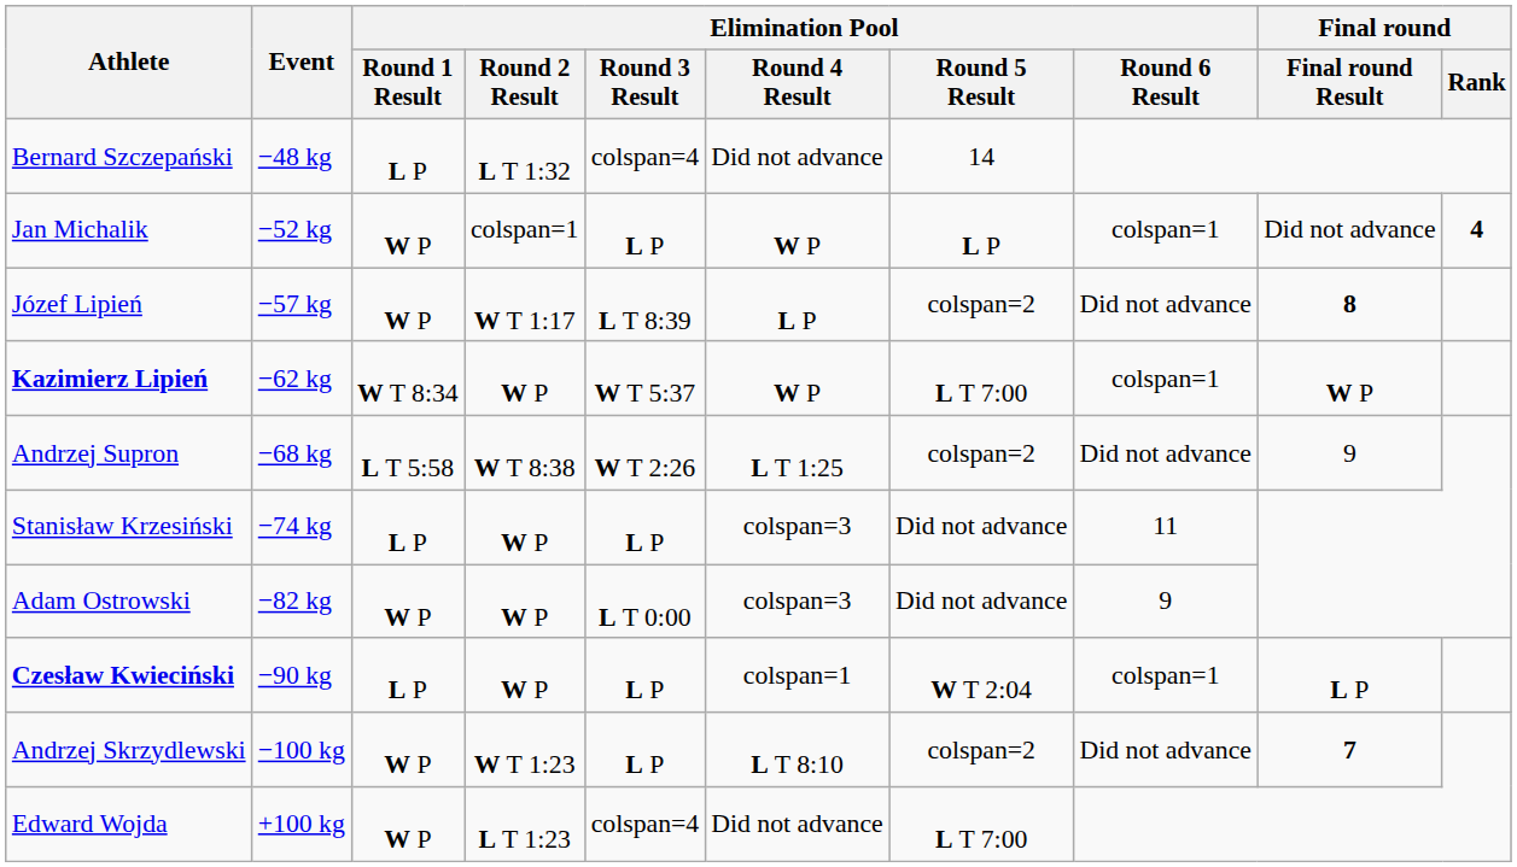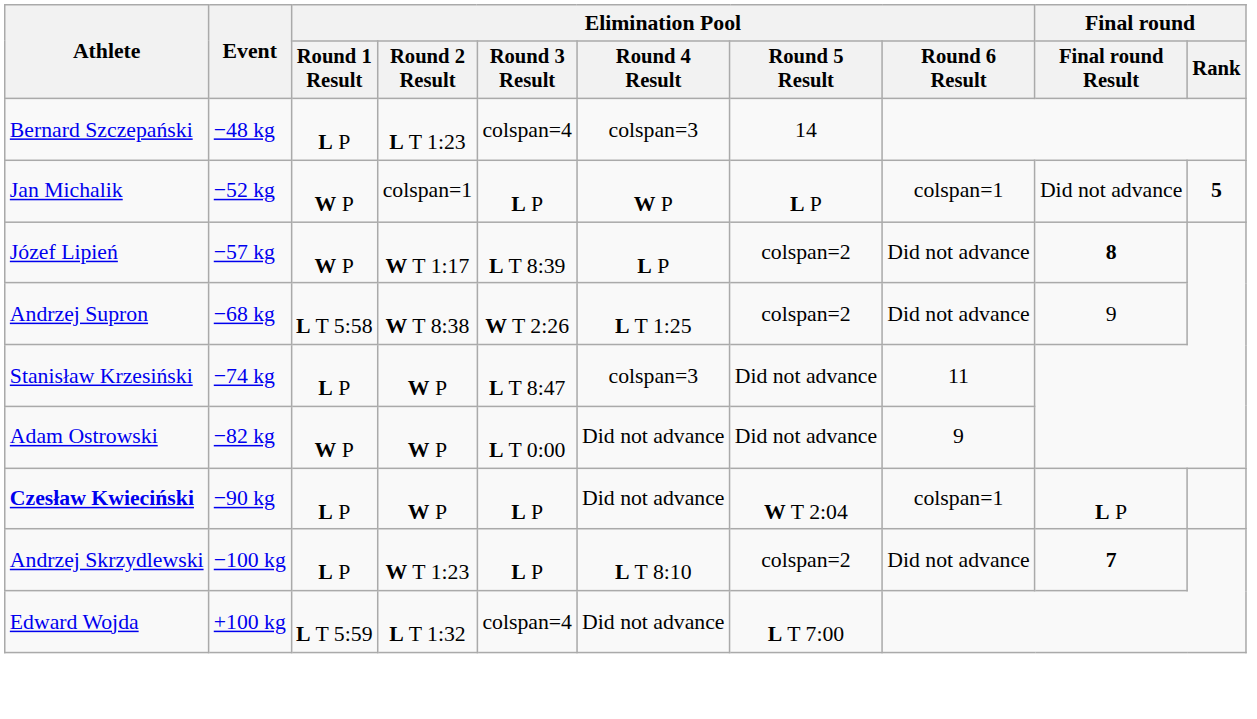 <table class="wikitable" style="font-size:90%">
 <tr>
 <th rowspan="2">Athlete</th>
 <th rowspan="2">Event</th>
 <th colspan=6>Elimination Pool</th>
 <th colspan=2>Final round</th>
 </tr>
 <tr style="font-size: 95%">
 <th>Round 1<br>Result</th>
 <th>Round 2<br>Result</th>
 <th>Round 3<br>Result</th>
 <th>Round 4<br>Result</th>
 <th>Round 5<br>Result</th>
 <th>Round 6<br>Result</th>
 <th>Final round<br>Result</th>
 <th>Rank</th>
 </tr>
 <tr align=center>
 <td align=left><a href='#'>Bernard Szczepański</a></td>
 <td align=left><a href='#'>−48 kg</a></td>
 <td><br><strong>L</strong> P</td>
-<td><br><strong>L</strong> T 1:32</td>
+<td><br><strong>L</strong> T 1:23</td>
 <td>colspan=4 </td>
-<td>Did not advance</td>
+<td>colspan=3 </td>
 <td>14</td>
 </tr>
 <tr align=center>
 <td align=left><a href='#'>Jan Michalik</a></td>
 <td align=left><a href='#'>−52 kg</a></td>
 <td><br><strong>W</strong> P</td>
 <td>colspan=1 </td>
 <td><br><strong>L</strong> P</td>
 <td><br><strong>W</strong> P</td>
 <td><br><strong>L</strong> P</td>
 <td>colspan=1 </td>
 <td>Did not advance</td>
-<td><strong>4</strong></td>
+<td><strong>5</strong></td>
 </tr>
 <tr align=center>
 <td align=left><a href='#'>Józef Lipień</a></td>
 <td align=left><a href='#'>−57 kg</a></td>
 <td><br><strong>W</strong> P</td>
 <td><br><strong>W</strong> T 1:17</td>
 <td><br><strong>L</strong> T 8:39</td>
 <td><br><strong>L</strong> P</td>
 <td>colspan=2 </td>
 <td>Did not advance</td>
 <td><strong>8</strong></td>
-</tr>
-<tr align=center>
-<td align=left><strong><a href='#'>Kazimierz Lipień</a></strong></td>
-<td align=left><a href='#'>−62 kg</a></td>
-<td><br><strong>W</strong> T 8:34</td>
-<td><br><strong>W</strong> P</td>
-<td><br><strong>W</strong> T 5:37</td>
-<td><br><strong>W</strong> P</td>
-<td><br><strong>L</strong> T 7:00</td>
-<td>colspan=1 </td>
-<td><br><strong>W</strong> P</td>
-<td></td>
 </tr>
 <tr align=center>
 <td align=left><a href='#'>Andrzej Supron</a></td>
 <td align=left><a href='#'>−68 kg</a></td>
 <td><br><strong>L</strong> T 5:58</td>
 <td><br><strong>W</strong> T 8:38</td>
 <td><br><strong>W</strong> T 2:26</td>
 <td><br><strong>L</strong> T 1:25</td>
 <td>colspan=2 </td>
 <td>Did not advance</td>
 <td>9</td>
 </tr>
 <tr align=center>
 <td align=left><a href='#'>Stanisław Krzesiński</a></td>
 <td align=left><a href='#'>−74 kg</a></td>
 <td><br><strong>L</strong> P</td>
 <td><br><strong>W</strong> P</td>
-<td><br><strong>L</strong> P</td>
+<td><br><strong>L</strong> T 8:47</td>
 <td>colspan=3 </td>
 <td>Did not advance</td>
 <td>11</td>
 </tr>
 <tr align=center>
 <td align=left><a href='#'>Adam Ostrowski</a></td>
 <td align=left><a href='#'>−82 kg</a></td>
 <td><br><strong>W</strong> P</td>
 <td><br><strong>W</strong> P</td>
 <td><br><strong>L</strong> T 0:00</td>
-<td>colspan=3 </td>
+<td>Did not advance</td>
 <td>Did not advance</td>
 <td>9</td>
 </tr>
 <tr align=center>
 <td align=left><strong><a href='#'>Czesław Kwieciński</a></strong></td>
 <td align=left><a href='#'>−90 kg</a></td>
 <td><br><strong>L</strong> P</td>
 <td><br><strong>W</strong> P</td>
 <td><br><strong>L</strong> P</td>
-<td>colspan=1 </td>
+<td>Did not advance</td>
 <td><br><strong>W</strong> T 2:04</td>
 <td>colspan=1 </td>
 <td><br><strong>L</strong> P</td>
 <td></td>
 </tr>
 <tr align=center>
 <td align=left><a href='#'>Andrzej Skrzydlewski</a></td>
 <td align=left><a href='#'>−100 kg</a></td>
-<td><br><strong>W</strong> P</td>
+<td><br><strong>L</strong> P</td>
 <td><br><strong>W</strong> T 1:23</td>
 <td><br><strong>L</strong> P</td>
 <td><br><strong>L</strong> T 8:10</td>
 <td>colspan=2 </td>
 <td>Did not advance</td>
 <td><strong>7</strong></td>
 </tr>
 <tr align=center>
 <td align=left><a href='#'>Edward Wojda</a></td>
 <td align=left><a href='#'>+100 kg</a></td>
-<td><br><strong>W</strong> P</td>
-<td><br><strong>L</strong> T 1:23</td>
+<td><br><strong>L</strong> T 5:59</td>
+<td><br><strong>L</strong> T 1:32</td>
 <td>colspan=4 </td>
 <td>Did not advance</td>
 <td><br><strong>L</strong> T 7:00</td>
 </tr>
 </table>
